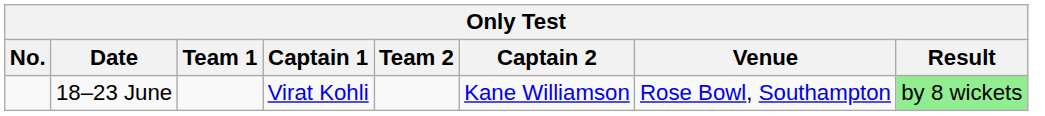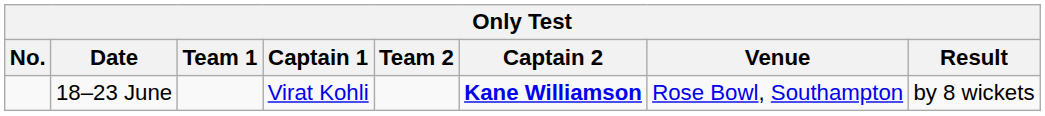 <table class="wikitable">
 <tr>
 <th colspan="9">Only Test</th>
 </tr>
 <tr>
 <th>No.</th>
 <th>Date</th>
 <th>Team 1</th>
 <th>Captain 1</th>
 <th>Team 2</th>
 <th>Captain 2</th>
 <th>Venue</th>
 <th>Result</th>
 </tr>
 <tr>
 <td></td>
 <td>18–23 June</td>
 <td></td>
 <td><a href='#'>Virat Kohli</a></td>
 <td></td>
-<td><a href='#'>Kane Williamson</a></td>
+<td><strong><a href='#'>Kane Williamson</a></strong></td>
 <td><a href='#'>Rose Bowl</a>, <a href='#'>Southampton</a></td>
-<td style="background: lightgreen;"> by 8 wickets</td>
+<td> by 8 wickets</td>
 </tr>
 </table>
